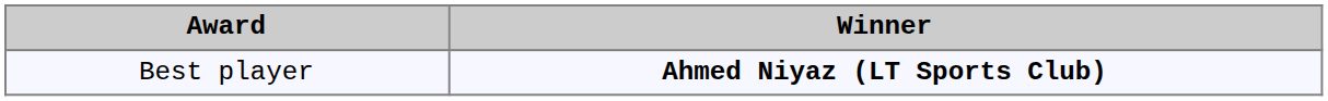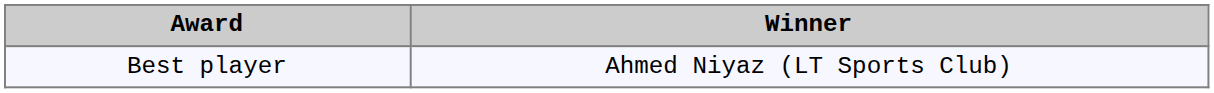 <table bgcolor="#f7f8ff" align="center" cellpadding="3" cellspacing="0" border="1" style="font-size: 95%; border: gray solid 1px; border-collapse: collapse;">
 <tr bgcolor="#CCCCCC" align="center">
 <td width="200"><strong>Award</strong></td>
 <td width="400"><strong>Winner</strong></td>
 </tr>
 <tr align=center>
 <td>Best player</td>
-<td><strong>Ahmed Niyaz (LT Sports Club)</strong></td>
+<td>Ahmed Niyaz (LT Sports Club)</td>
 </tr>
 </table>
